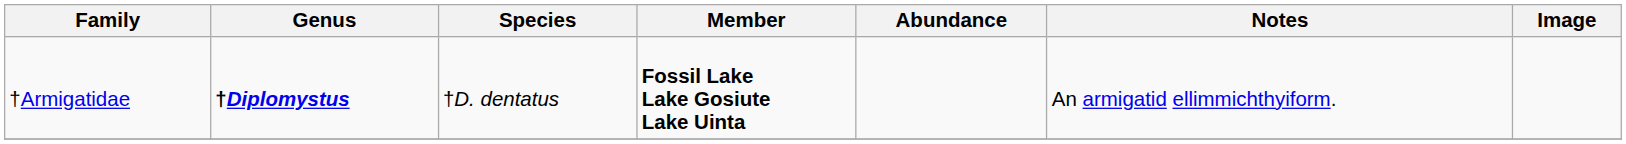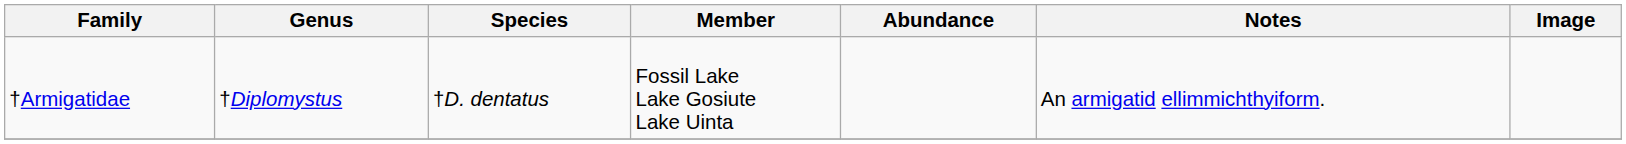 <table class="wikitable" style="margin:auto;width:100%;">
 <tr>
 <th>Family</th>
 <th>Genus</th>
 <th>Species</th>
 <th>Member</th>
 <th>Abundance</th>
 <th>Notes</th>
 <th>Image</th>
 </tr>
 <tr>
 <td><br>†<a href='#'>Armigatidae</a></td>
-<td><strong><br>†<em><a href='#'>Diplomystus</a></em></strong></td>
+<td><br>†<em><a href='#'>Diplomystus</a></em></td>
 <td><br>†<em>D. dentatus</em> </td>
-<td><strong><br>Fossil Lake<br> Lake Gosiute<br> Lake Uinta</strong></td>
+<td><br>Fossil Lake<br> Lake Gosiute<br> Lake Uinta</td>
 <td></td>
 <td><br>An <a href='#'>armigatid</a> <a href='#'>ellimmichthyiform</a>.</td>
 <td><br></td>
 </tr>
 <tr>
 </tr>
 </table>
